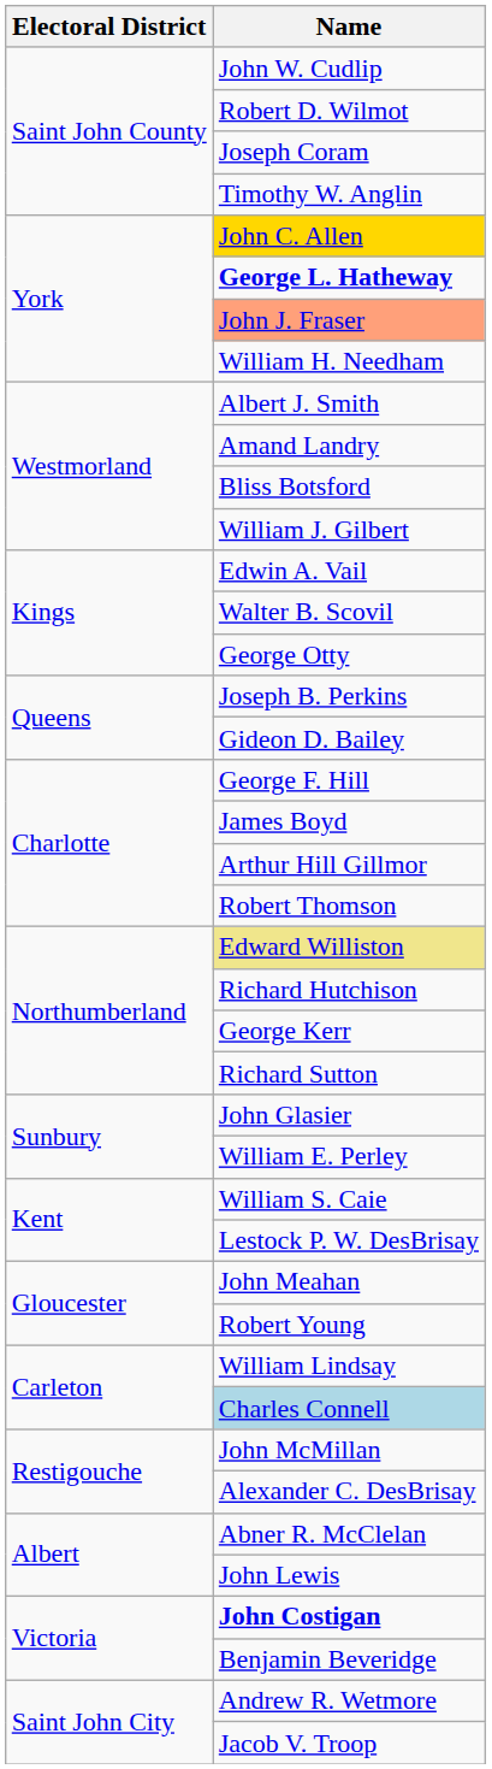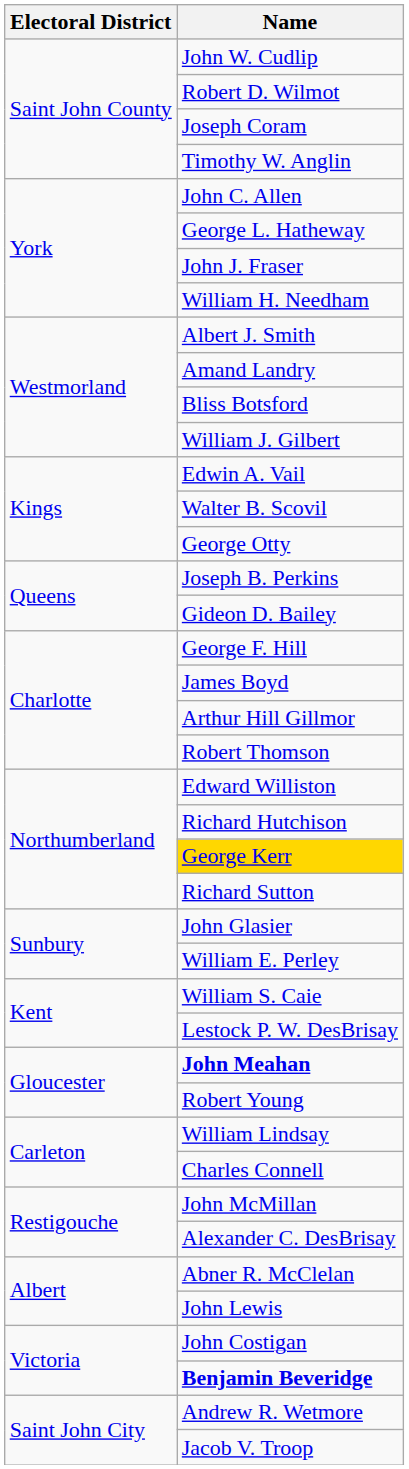 <table class="wikitable">
 <tr>
 <th>Electoral District</th>
 <th>Name</th>
 </tr>
 <tr>
 <td rowspan="4"><a href='#'>Saint John County</a></td>
 <td><a href='#'>John W. Cudlip</a></td>
 </tr>
 <tr>
 <td><a href='#'>Robert D. Wilmot</a></td>
 </tr>
 <tr>
 <td><a href='#'>Joseph Coram</a></td>
 </tr>
 <tr>
 <td><a href='#'>Timothy W. Anglin</a></td>
 </tr>
 <tr>
 <td rowspan="4"><a href='#'>York</a></td>
-<td style="background: gold;"><a href='#'>John C. Allen</a></td>
+<td><a href='#'>John C. Allen</a></td>
 </tr>
 <tr>
-<td><strong><a href='#'>George L. Hatheway</a></strong></td>
+<td><a href='#'>George L. Hatheway</a></td>
 </tr>
 <tr>
-<td style="background: lightsalmon;"><a href='#'>John J. Fraser</a></td>
+<td><a href='#'>John J. Fraser</a></td>
 </tr>
 <tr>
 <td><a href='#'>William H. Needham</a></td>
 </tr>
 <tr>
 <td rowspan="4"><a href='#'>Westmorland</a></td>
 <td><a href='#'>Albert J. Smith</a></td>
 </tr>
 <tr>
 <td><a href='#'>Amand Landry</a></td>
 </tr>
 <tr>
 <td><a href='#'>Bliss Botsford</a></td>
 </tr>
 <tr>
 <td><a href='#'>William J. Gilbert</a></td>
 </tr>
 <tr>
 <td rowspan="3"><a href='#'>Kings</a></td>
 <td><a href='#'>Edwin A. Vail</a></td>
 </tr>
 <tr>
 <td><a href='#'>Walter B. Scovil</a></td>
 </tr>
 <tr>
 <td><a href='#'>George Otty</a></td>
 </tr>
 <tr>
 <td rowspan="2"><a href='#'>Queens</a></td>
 <td><a href='#'>Joseph B. Perkins</a></td>
 </tr>
 <tr>
 <td><a href='#'>Gideon D. Bailey</a></td>
 </tr>
 <tr>
 <td rowspan="4"><a href='#'>Charlotte</a></td>
 <td><a href='#'>George F. Hill</a></td>
 </tr>
 <tr>
 <td><a href='#'>James Boyd</a></td>
 </tr>
 <tr>
 <td><a href='#'>Arthur Hill Gillmor</a></td>
 </tr>
 <tr>
 <td><a href='#'>Robert Thomson</a></td>
 </tr>
 <tr>
 <td rowspan="4"><a href='#'>Northumberland</a></td>
-<td style="background: khaki;"><a href='#'>Edward Williston</a></td>
+<td><a href='#'>Edward Williston</a></td>
 </tr>
 <tr>
 <td><a href='#'>Richard Hutchison</a></td>
 </tr>
 <tr>
-<td><a href='#'>George Kerr</a></td>
+<td style="background: gold;"><a href='#'>George Kerr</a></td>
 </tr>
 <tr>
 <td><a href='#'>Richard Sutton</a></td>
 </tr>
 <tr>
 <td rowspan="2"><a href='#'>Sunbury</a></td>
 <td><a href='#'>John Glasier</a></td>
 </tr>
 <tr>
 <td><a href='#'>William E. Perley</a></td>
 </tr>
 <tr>
 <td rowspan="2"><a href='#'>Kent</a></td>
 <td><a href='#'>William S. Caie</a></td>
 </tr>
 <tr>
 <td><a href='#'>Lestock P. W. DesBrisay</a></td>
 </tr>
 <tr>
 <td rowspan="2"><a href='#'>Gloucester</a></td>
-<td><a href='#'>John Meahan</a></td>
+<td><strong><a href='#'>John Meahan</a></strong></td>
 </tr>
 <tr>
 <td><a href='#'>Robert Young</a></td>
 </tr>
 <tr>
 <td rowspan="2"><a href='#'>Carleton</a></td>
 <td><a href='#'>William Lindsay</a></td>
 </tr>
 <tr>
-<td style="background: lightblue;"><a href='#'>Charles Connell</a></td>
+<td><a href='#'>Charles Connell</a></td>
 </tr>
 <tr>
 <td rowspan="2"><a href='#'>Restigouche</a></td>
 <td><a href='#'>John McMillan</a></td>
 </tr>
 <tr>
 <td><a href='#'>Alexander C. DesBrisay</a></td>
 </tr>
 <tr>
 <td rowspan="2"><a href='#'>Albert</a></td>
 <td><a href='#'>Abner R. McClelan</a></td>
 </tr>
 <tr>
 <td><a href='#'>John Lewis</a></td>
 </tr>
 <tr>
 <td rowspan="2"><a href='#'>Victoria</a></td>
-<td><strong><a href='#'>John Costigan</a></strong></td>
+<td><a href='#'>John Costigan</a></td>
 </tr>
 <tr>
-<td><a href='#'>Benjamin Beveridge</a></td>
+<td><strong><a href='#'>Benjamin Beveridge</a></strong></td>
 </tr>
 <tr>
 <td rowspan="2"><a href='#'>Saint John City</a></td>
 <td><a href='#'>Andrew R. Wetmore</a></td>
 </tr>
 <tr>
 <td><a href='#'>Jacob V. Troop</a></td>
 </tr>
 </table>
